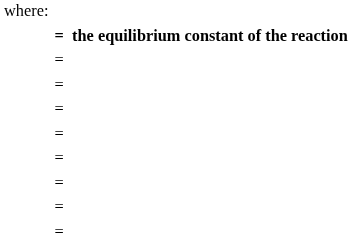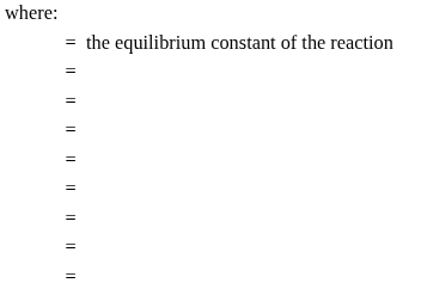 <table border="0" cellpadding="2">
 <tr>
 <td align=right>where:</td>
 <td> </td>
 </tr>
 <tr>
 <th align=right></th>
-<td align=left><strong>=  the equilibrium constant of the reaction</strong></td>
+<td align=left>=  the equilibrium constant of the reaction</td>
 </tr>
 <tr>
 <th align=right></th>
 <td align=left>=  </td>
 </tr>
 <tr>
 <th align=right></th>
 <td align=left>=  </td>
 </tr>
 <tr>
 <th align=right></th>
 <td align=left>=  </td>
 </tr>
 <tr>
 <th align=right></th>
 <td align=left>=  </td>
 </tr>
 <tr>
 <th align=right></th>
 <td align=left>=  </td>
 </tr>
 <tr>
 <th align=right></th>
 <td align=left>=  </td>
 </tr>
 <tr>
 <th align=right></th>
 <td align=left>=  </td>
 </tr>
 <tr>
 <th align=right></th>
 <td align=left>=  </td>
 </tr>
 </table>
